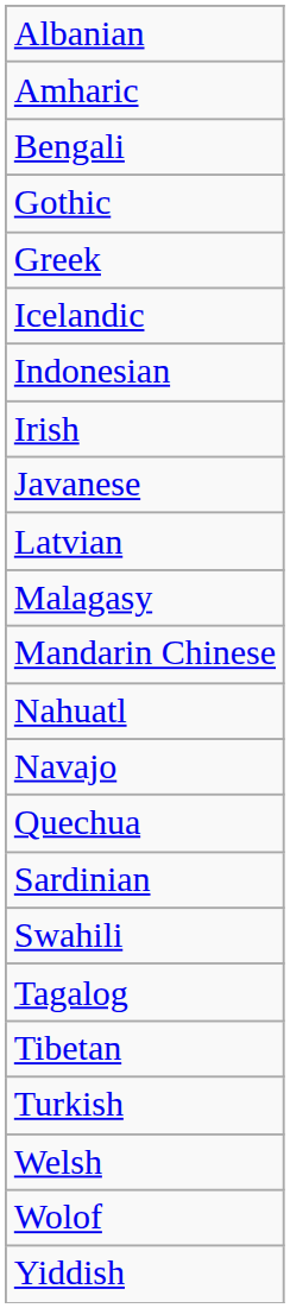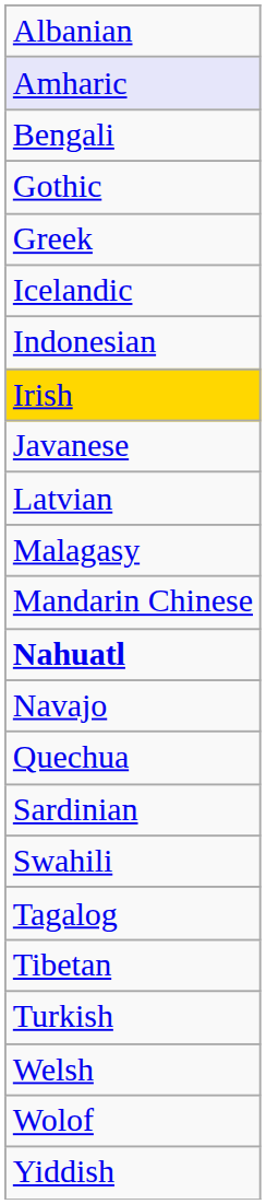 <table class="wikitable">
 <tr>
 <td><a href='#'>Albanian</a></td>
 </tr>
 <tr>
-<td><a href='#'>Amharic</a></td>
+<td style="background: lavender;"><a href='#'>Amharic</a></td>
 </tr>
 <tr>
 <td><a href='#'>Bengali</a></td>
 </tr>
 <tr>
 <td><a href='#'>Gothic</a></td>
 </tr>
 <tr>
 <td><a href='#'>Greek</a></td>
 </tr>
 <tr>
 <td><a href='#'>Icelandic</a></td>
 </tr>
 <tr>
 <td><a href='#'>Indonesian</a></td>
 </tr>
 <tr>
-<td><a href='#'>Irish</a></td>
+<td style="background: gold;"><a href='#'>Irish</a></td>
 </tr>
 <tr>
 <td><a href='#'>Javanese</a></td>
 </tr>
 <tr>
 <td><a href='#'>Latvian</a></td>
 </tr>
 <tr>
 <td><a href='#'>Malagasy</a></td>
 </tr>
 <tr>
 <td><a href='#'>Mandarin Chinese</a></td>
 </tr>
 <tr>
-<td><a href='#'>Nahuatl</a></td>
+<td><strong><a href='#'>Nahuatl</a></strong></td>
 </tr>
 <tr>
 <td><a href='#'>Navajo</a></td>
 </tr>
 <tr>
 <td><a href='#'>Quechua</a></td>
 </tr>
 <tr>
 <td><a href='#'>Sardinian</a></td>
 </tr>
 <tr>
 <td><a href='#'>Swahili</a></td>
 </tr>
 <tr>
 <td><a href='#'>Tagalog</a></td>
 </tr>
 <tr>
 <td><a href='#'>Tibetan</a></td>
 </tr>
 <tr>
 <td><a href='#'>Turkish</a></td>
 </tr>
 <tr>
 <td><a href='#'>Welsh</a></td>
 </tr>
 <tr>
 <td><a href='#'>Wolof</a></td>
 </tr>
 <tr>
 <td><a href='#'>Yiddish</a></td>
 </tr>
 </table>
